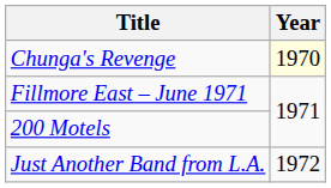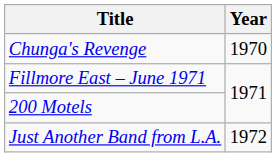 <table class="wikitable">
 <tr>
 <th>Title</th>
 <th>Year</th>
 </tr>
 <tr>
 <td><em><a href='#'>Chunga's Revenge</a></em></td>
-<td rowspan="1" style="background: lightyellow;">1970</td>
+<td rowspan="1">1970</td>
 </tr>
 <tr>
 <td><em><a href='#'>Fillmore East – June 1971</a></em></td>
 <td rowspan="2">1971</td>
 </tr>
 <tr>
 <td><em><a href='#'>200 Motels</a></em></td>
 </tr>
 <tr>
 <td><em><a href='#'>Just Another Band from L.A.</a></em></td>
 <td rowspan="1">1972</td>
 </tr>
 </table>
